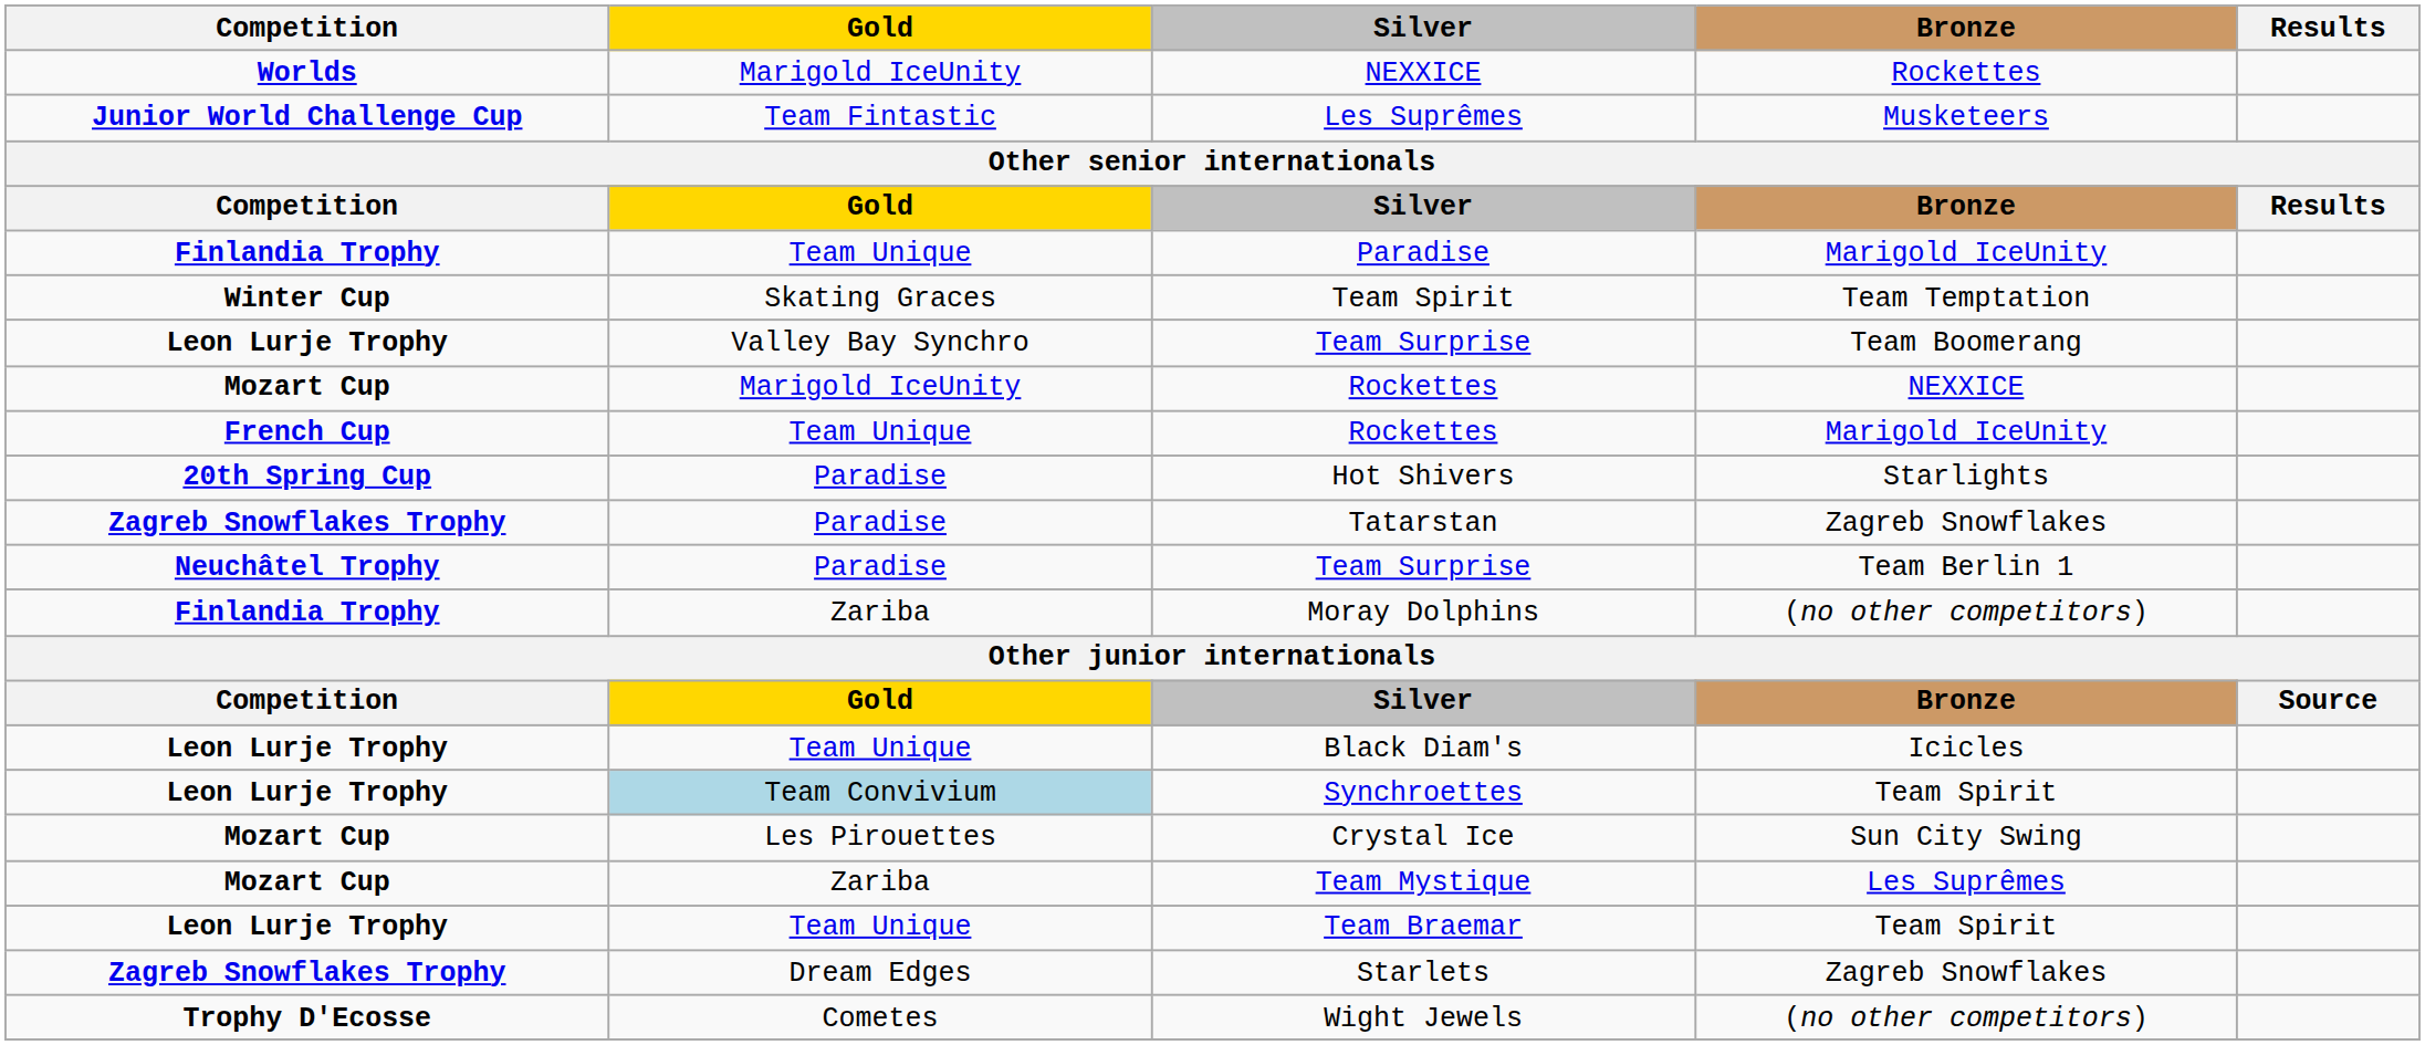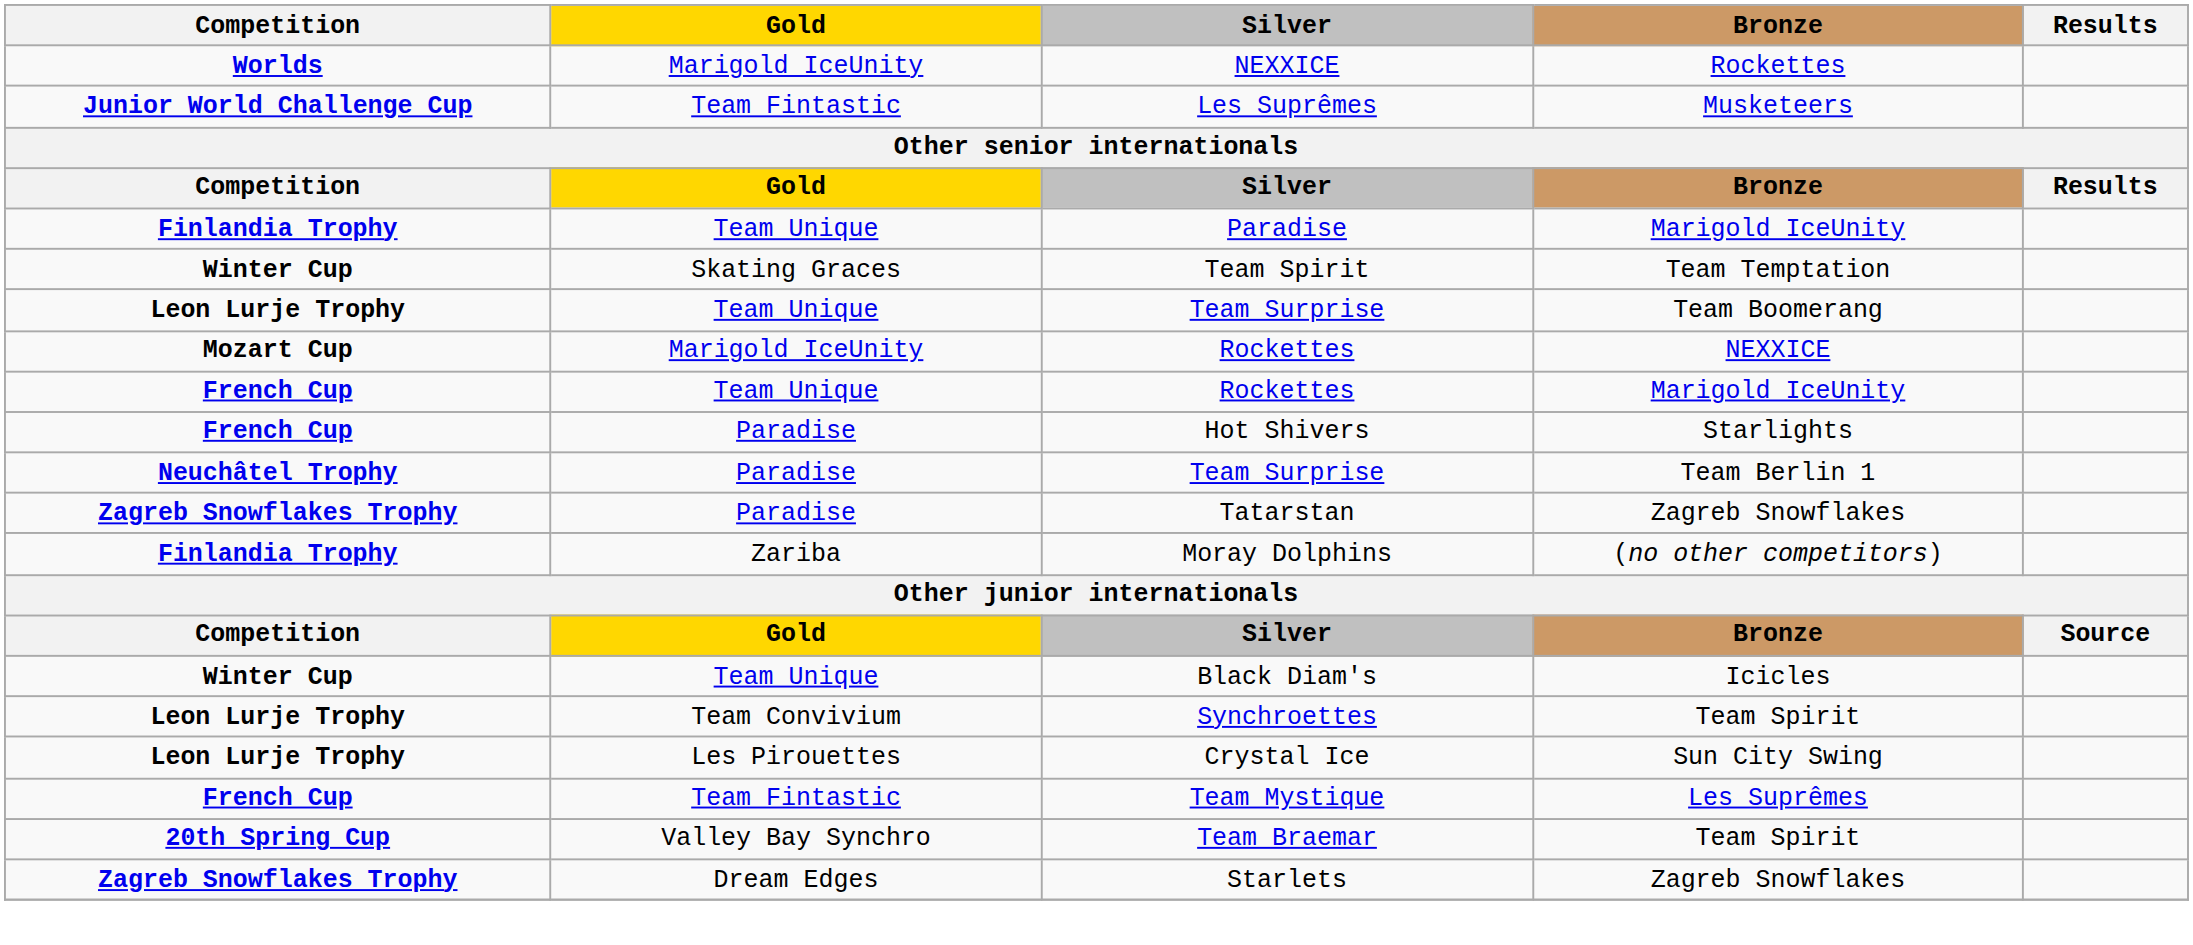 <table class="wikitable" style="text-align:center; width:90%;">
 <tr>
 <th scope="col" style="text-align:center; width:25%;">Competition</th>
 <td scope="col" style="text-align:center; width:22.5%; background:gold"><strong>Gold</strong></td>
 <td scope="col" style="text-align:center; width:22.5%; background:silver"><strong>Silver</strong></td>
 <td scope="col" style="text-align:center; width:22.5%; background:#c96"><strong>Bronze</strong></td>
 <th scope="col" style="text-align:center; width:7.5%;">Results</th>
 </tr>
 <tr>
 <td align="center"><strong><a href='#'>Worlds</a></strong></td>
 <td> <a href='#'>Marigold IceUnity</a></td>
 <td> <a href='#'>NEXXICE</a></td>
 <td> <a href='#'>Rockettes</a></td>
 <td align="center"></td>
 </tr>
 <tr>
 <td align="center"><strong><a href='#'>Junior World Challenge Cup</a></strong></td>
 <td> <a href='#'>Team Fintastic</a></td>
 <td> <a href='#'>Les Suprêmes</a></td>
 <td> <a href='#'>Musketeers</a></td>
 <td align="center"></td>
 </tr>
 <tr>
 <th colspan=5>Other senior internationals</th>
 </tr>
 <tr>
 <th scope="col" style="text-align:center; width:25%;">Competition</th>
 <td scope="col" style="text-align:center; width:22.5%; background:gold"><strong>Gold</strong></td>
 <td scope="col" style="text-align:center; width:22.5%; background:silver"><strong>Silver</strong></td>
 <td scope="col" style="text-align:center; width:22.5%; background:#c96"><strong>Bronze</strong></td>
 <th scope="col" style="text-align:center; width:7.5%;">Results</th>
 </tr>
 <tr>
 <td align="center"><strong><a href='#'>Finlandia Trophy</a></strong></td>
 <td> <a href='#'>Team Unique</a></td>
 <td> <a href='#'>Paradise</a></td>
 <td> <a href='#'>Marigold IceUnity</a></td>
 <td align="center"></td>
 </tr>
 <tr>
 <td align="center"><strong>Winter Cup</strong></td>
 <td> Skating Graces</td>
 <td> Team Spirit</td>
 <td> Team Temptation</td>
 <td align="center"></td>
 </tr>
 <tr>
 <td align="center"><strong>Leon Lurje Trophy</strong></td>
-<td> Valley Bay Synchro</td>
+<td> <a href='#'>Team Unique</a></td>
 <td> <a href='#'>Team Surprise</a></td>
 <td> Team Boomerang</td>
 <td align="center"></td>
 </tr>
 <tr>
 <td align="center"><strong>Mozart Cup</strong></td>
 <td> <a href='#'>Marigold IceUnity</a></td>
 <td> <a href='#'>Rockettes</a></td>
 <td> <a href='#'>NEXXICE</a></td>
 <td align="center"></td>
 </tr>
 <tr>
 <td align="center"><strong><a href='#'>French Cup</a></strong></td>
 <td> <a href='#'>Team Unique</a></td>
 <td> <a href='#'>Rockettes</a></td>
 <td> <a href='#'>Marigold IceUnity</a></td>
 <td align="center"></td>
 </tr>
 <tr>
-<td align="center"><strong><a href='#'>20th Spring Cup</a></strong></td>
+<td align="center"><strong><a href='#'>French Cup</a></strong></td>
 <td> <a href='#'>Paradise</a></td>
 <td> Hot Shivers</td>
 <td> Starlights</td>
+<td align="center"></td>
+</tr>
+<tr>
+<td align="center"><strong><a href='#'>Neuchâtel Trophy</a></strong></td>
+<td> <a href='#'>Paradise</a></td>
+<td> <a href='#'>Team Surprise</a></td>
+<td> Team Berlin 1</td>
 <td align="center"></td>
 </tr>
 <tr>
 <td align="center"><strong><a href='#'>Zagreb Snowflakes Trophy</a></strong></td>
 <td> <a href='#'>Paradise</a></td>
 <td> Tatarstan</td>
 <td> Zagreb Snowflakes</td>
-<td align="center"></td>
-</tr>
-<tr>
-<td align="center"><strong><a href='#'>Neuchâtel Trophy</a></strong></td>
-<td> <a href='#'>Paradise</a></td>
-<td> <a href='#'>Team Surprise</a></td>
-<td> Team Berlin 1</td>
 <td align="center"></td>
 </tr>
 <tr>
 <td align="center"><strong><a href='#'>Finlandia Trophy</a></strong></td>
 <td> Zariba</td>
 <td> Moray Dolphins</td>
 <td align="center">(<em>no other competitors</em>)</td>
 <td align="center"></td>
 </tr>
 <tr>
 <th colspan=5>Other junior internationals</th>
 </tr>
 <tr>
 <th>Competition</th>
 <td align=center bgcolor=gold><strong>Gold</strong></td>
 <td align=center bgcolor=silver><strong>Silver</strong></td>
 <td align=center bgcolor=cc9966><strong>Bronze</strong></td>
 <th>Source</th>
 </tr>
 <tr>
-<td align="center"><strong>Leon Lurje Trophy</strong></td>
+<td align="center"><strong>Winter Cup</strong></td>
 <td> <a href='#'>Team Unique</a></td>
 <td> Black Diam's</td>
 <td> Icicles</td>
 <td align="center"></td>
 </tr>
 <tr>
 <td align="center"><strong>Leon Lurje Trophy</strong></td>
-<td style="background: lightblue;"> Team Convivium</td>
+<td> Team Convivium</td>
 <td> <a href='#'>Synchroettes</a></td>
 <td> Team Spirit</td>
 <td align="center"></td>
 </tr>
 <tr>
-<td align="center"><strong>Mozart Cup</strong></td>
+<td align="center"><strong>Leon Lurje Trophy</strong></td>
 <td> Les Pirouettes</td>
 <td> Crystal Ice</td>
 <td> Sun City Swing</td>
 <td align="center"></td>
 </tr>
 <tr>
-<td align="center"><strong>Mozart Cup</strong></td>
-<td> Zariba</td>
+<td align="center"><strong><a href='#'>French Cup</a></strong></td>
+<td> <a href='#'>Team Fintastic</a></td>
 <td> <a href='#'>Team Mystique</a></td>
 <td> <a href='#'>Les Suprêmes</a></td>
 <td align="center"></td>
 </tr>
 <tr>
-<td align="center"><strong>Leon Lurje Trophy</strong></td>
-<td> <a href='#'>Team Unique</a></td>
+<td align="center"><strong><a href='#'>20th Spring Cup</a></strong></td>
+<td> Valley Bay Synchro</td>
 <td> <a href='#'>Team Braemar</a></td>
 <td> Team Spirit</td>
 <td align="center"></td>
 </tr>
 <tr>
 <td align="center"><strong><a href='#'>Zagreb Snowflakes Trophy</a></strong></td>
 <td> Dream Edges</td>
 <td> Starlets</td>
 <td> Zagreb Snowflakes</td>
 <td align="center"></td>
 </tr>
 <tr>
-<td align="center"><strong>Trophy D'Ecosse</strong></td>
-<td> Cometes</td>
-<td> Wight Jewels</td>
-<td align="center">(<em>no other competitors</em>)</td>
-<td align="center"></td>
-</tr>
-<tr>
 </tr>
 </table>
